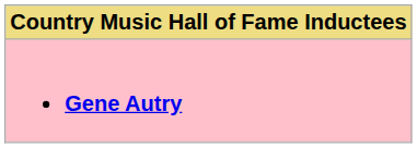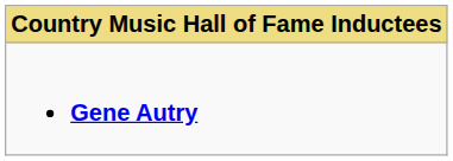 <table class="wikitable">
 <tr>
 <th style="background:#EEDD82; width=50%">Country Music Hall of Fame Inductees</th>
 </tr>
 <tr>
-<td valign="top" style="background: pink;"><br><ul><li><strong><a href='#'>Gene Autry</a></strong></li></ul></td>
+<td valign="top"><br><ul><li><strong><a href='#'>Gene Autry</a></strong></li></ul></td>
 </tr>
 </table>
